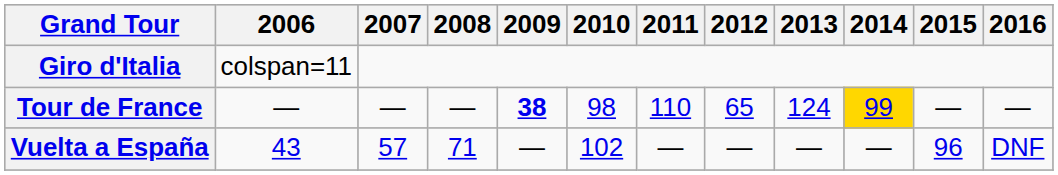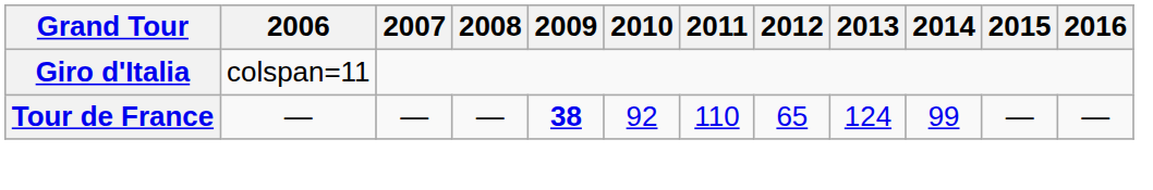 <table class="wikitable plainrowheaders">
 <tr>
 <th scope="col"><a href='#'>Grand Tour</a></th>
 <th scope="col">2006</th>
 <th scope="col">2007</th>
 <th scope="col">2008</th>
 <th scope="col">2009</th>
 <th scope="col">2010</th>
 <th scope="col">2011</th>
 <th scope="col">2012</th>
 <th scope="col">2013</th>
 <th scope="col">2014</th>
 <th scope="col">2015</th>
 <th scope="col">2016</th>
 </tr>
 <tr style="text-align:center;">
 <th scope="row"> <a href='#'>Giro d'Italia</a></th>
 <td>colspan=11 </td>
 </tr>
 <tr style="text-align:center;">
 <th scope="row"> <a href='#'>Tour de France</a></th>
 <td>—</td>
 <td>—</td>
 <td>—</td>
 <td><strong><a href='#'>38</a></strong></td>
-<td><a href='#'>98</a></td>
+<td><a href='#'>92</a></td>
 <td><a href='#'>110</a></td>
 <td><a href='#'>65</a></td>
 <td><a href='#'>124</a></td>
-<td style="background: gold;"><a href='#'>99</a></td>
+<td><a href='#'>99</a></td>
 <td>—</td>
 <td>—</td>
 </tr>
-<tr style="text-align:center;">
-<th scope="row"> <a href='#'>Vuelta a España</a></th>
-<td><a href='#'>43</a></td>
-<td><a href='#'>57</a></td>
-<td><a href='#'>71</a></td>
-<td>—</td>
-<td><a href='#'>102</a></td>
-<td>—</td>
-<td>—</td>
-<td>—</td>
-<td>—</td>
-<td><a href='#'>96</a></td>
-<td><a href='#'>DNF</a></td>
-</tr>
 </table>
